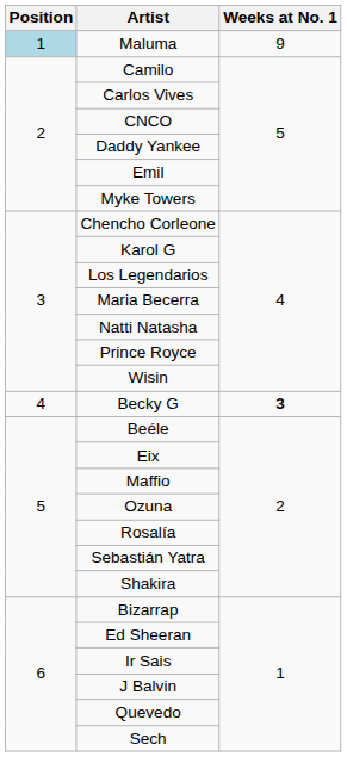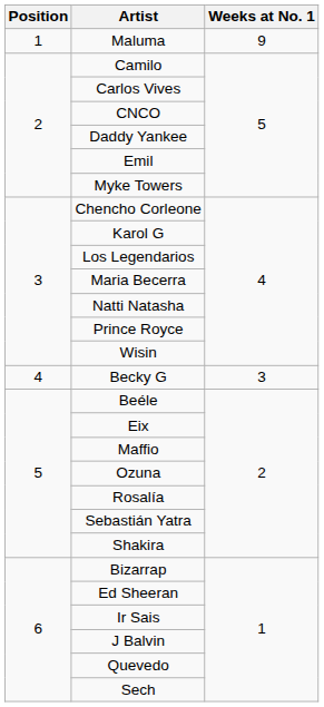 <table class="wikitable plainrowheaders" style="text-align:center;">
 <tr>
 <th>Position </th>
 <th>Artist</th>
 <th>Weeks at No. 1</th>
 </tr>
 <tr>
-<td style="background: lightblue;">1</td>
+<td>1</td>
 <td>Maluma</td>
 <td>9</td>
 </tr>
 <tr>
 <td rowspan="6">2</td>
 <td>Camilo</td>
 <td rowspan="6">5</td>
 </tr>
 <tr>
 <td>Carlos Vives</td>
 </tr>
 <tr>
 <td>CNCO</td>
 </tr>
 <tr>
 <td>Daddy Yankee</td>
 </tr>
 <tr>
 <td>Emil</td>
 </tr>
 <tr>
 <td>Myke Towers</td>
 </tr>
 <tr>
 <td rowspan="7">3</td>
 <td>Chencho Corleone</td>
 <td rowspan="7">4</td>
 </tr>
 <tr>
 <td>Karol G</td>
 </tr>
 <tr>
 <td>Los Legendarios</td>
 </tr>
 <tr>
 <td>Maria Becerra</td>
 </tr>
 <tr>
 <td>Natti Natasha</td>
 </tr>
 <tr>
 <td>Prince Royce</td>
 </tr>
 <tr>
 <td>Wisin</td>
 </tr>
 <tr>
 <td>4</td>
 <td>Becky G</td>
-<td><strong>3</strong></td>
+<td>3</td>
 </tr>
 <tr>
 <td rowspan="7">5</td>
 <td>Beéle</td>
 <td rowspan="7">2</td>
 </tr>
 <tr>
 <td>Eix</td>
 </tr>
 <tr>
 <td>Maffio</td>
 </tr>
 <tr>
 <td>Ozuna</td>
 </tr>
 <tr>
 <td>Rosalía</td>
 </tr>
 <tr>
 <td>Sebastián Yatra</td>
 </tr>
 <tr>
 <td>Shakira</td>
 </tr>
 <tr>
 <td rowspan="6">6</td>
 <td>Bizarrap</td>
 <td rowspan="6">1</td>
 </tr>
 <tr>
 <td>Ed Sheeran</td>
 </tr>
 <tr>
 <td>Ir Sais</td>
 </tr>
 <tr>
 <td>J Balvin</td>
 </tr>
 <tr>
 <td>Quevedo</td>
 </tr>
 <tr>
 <td>Sech</td>
 </tr>
 </table>
